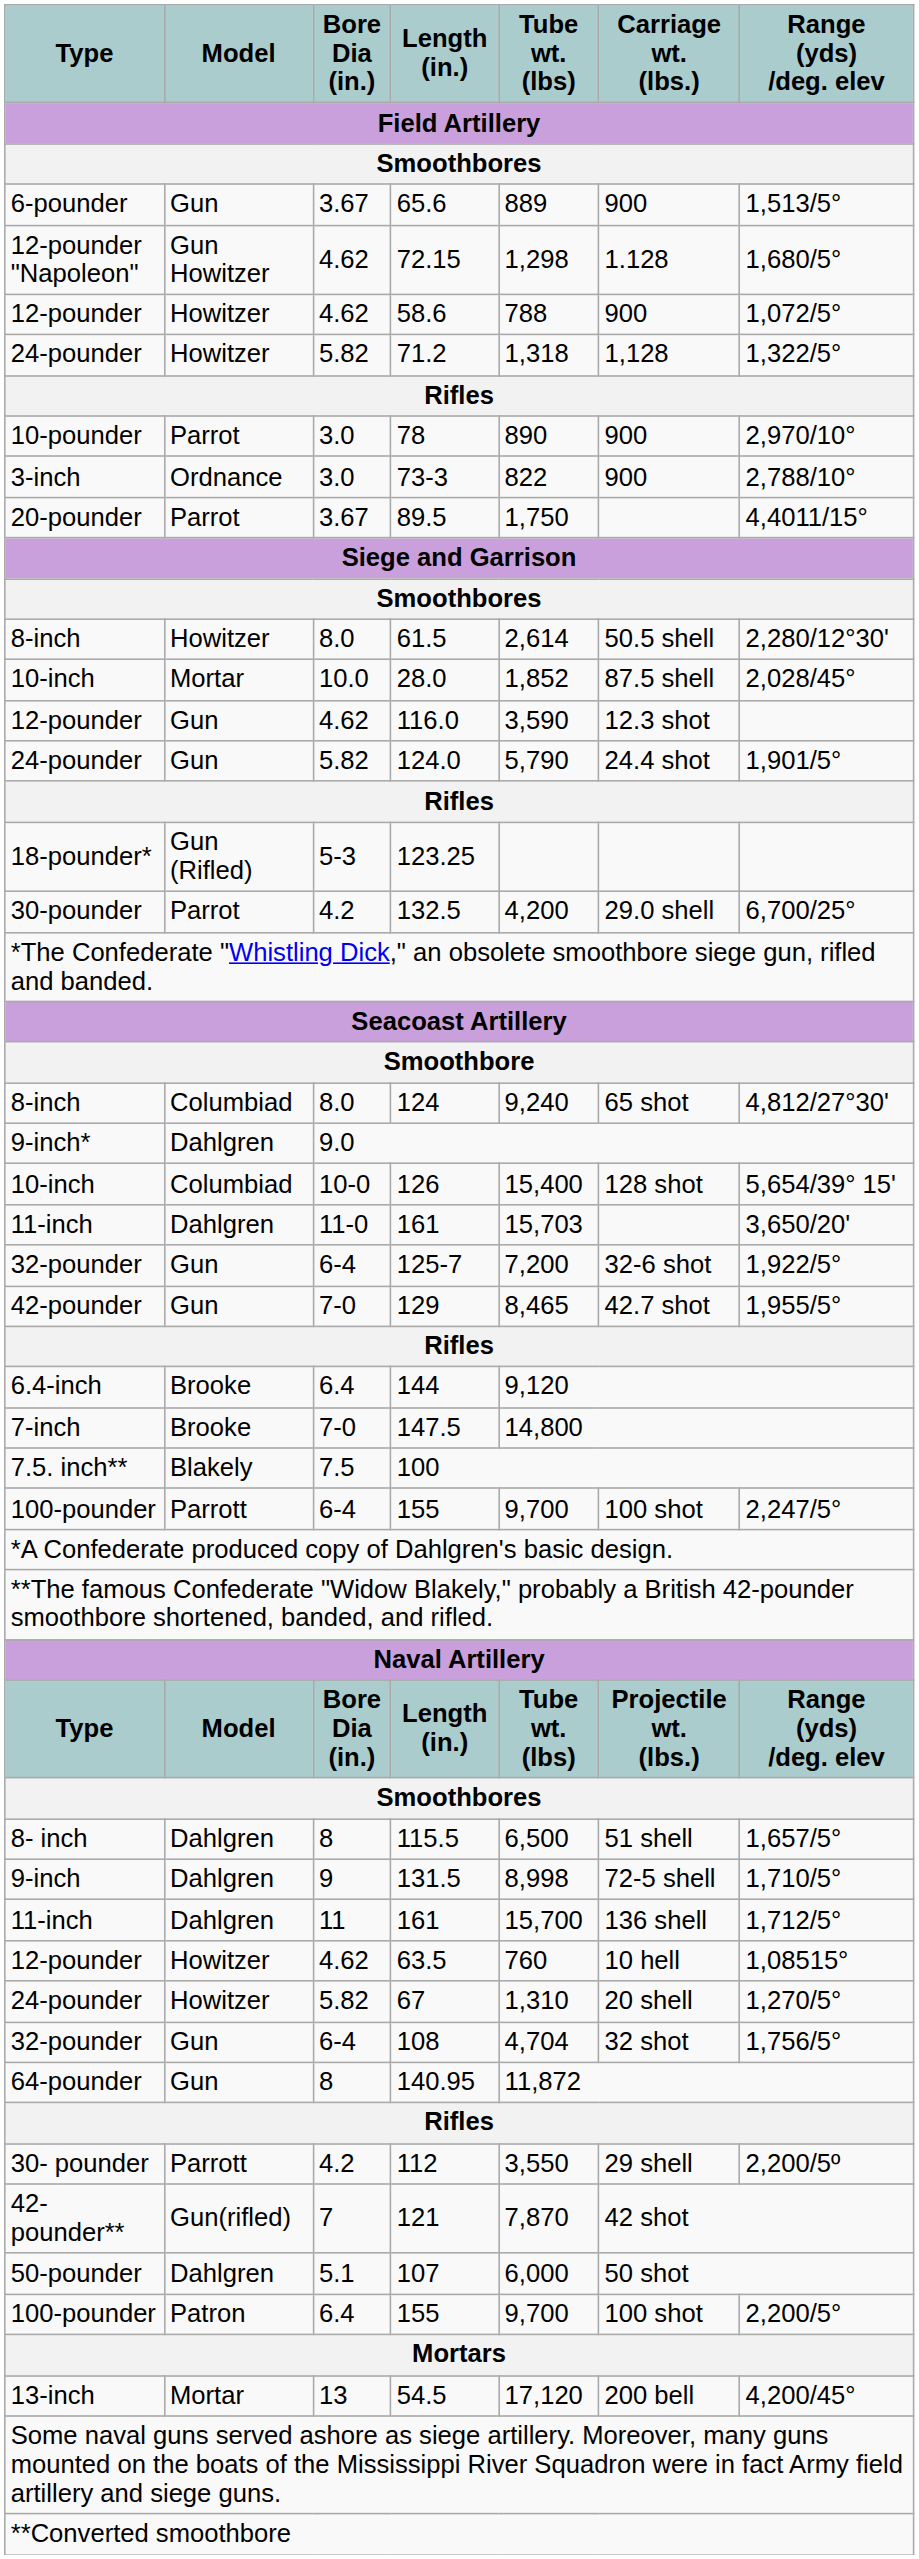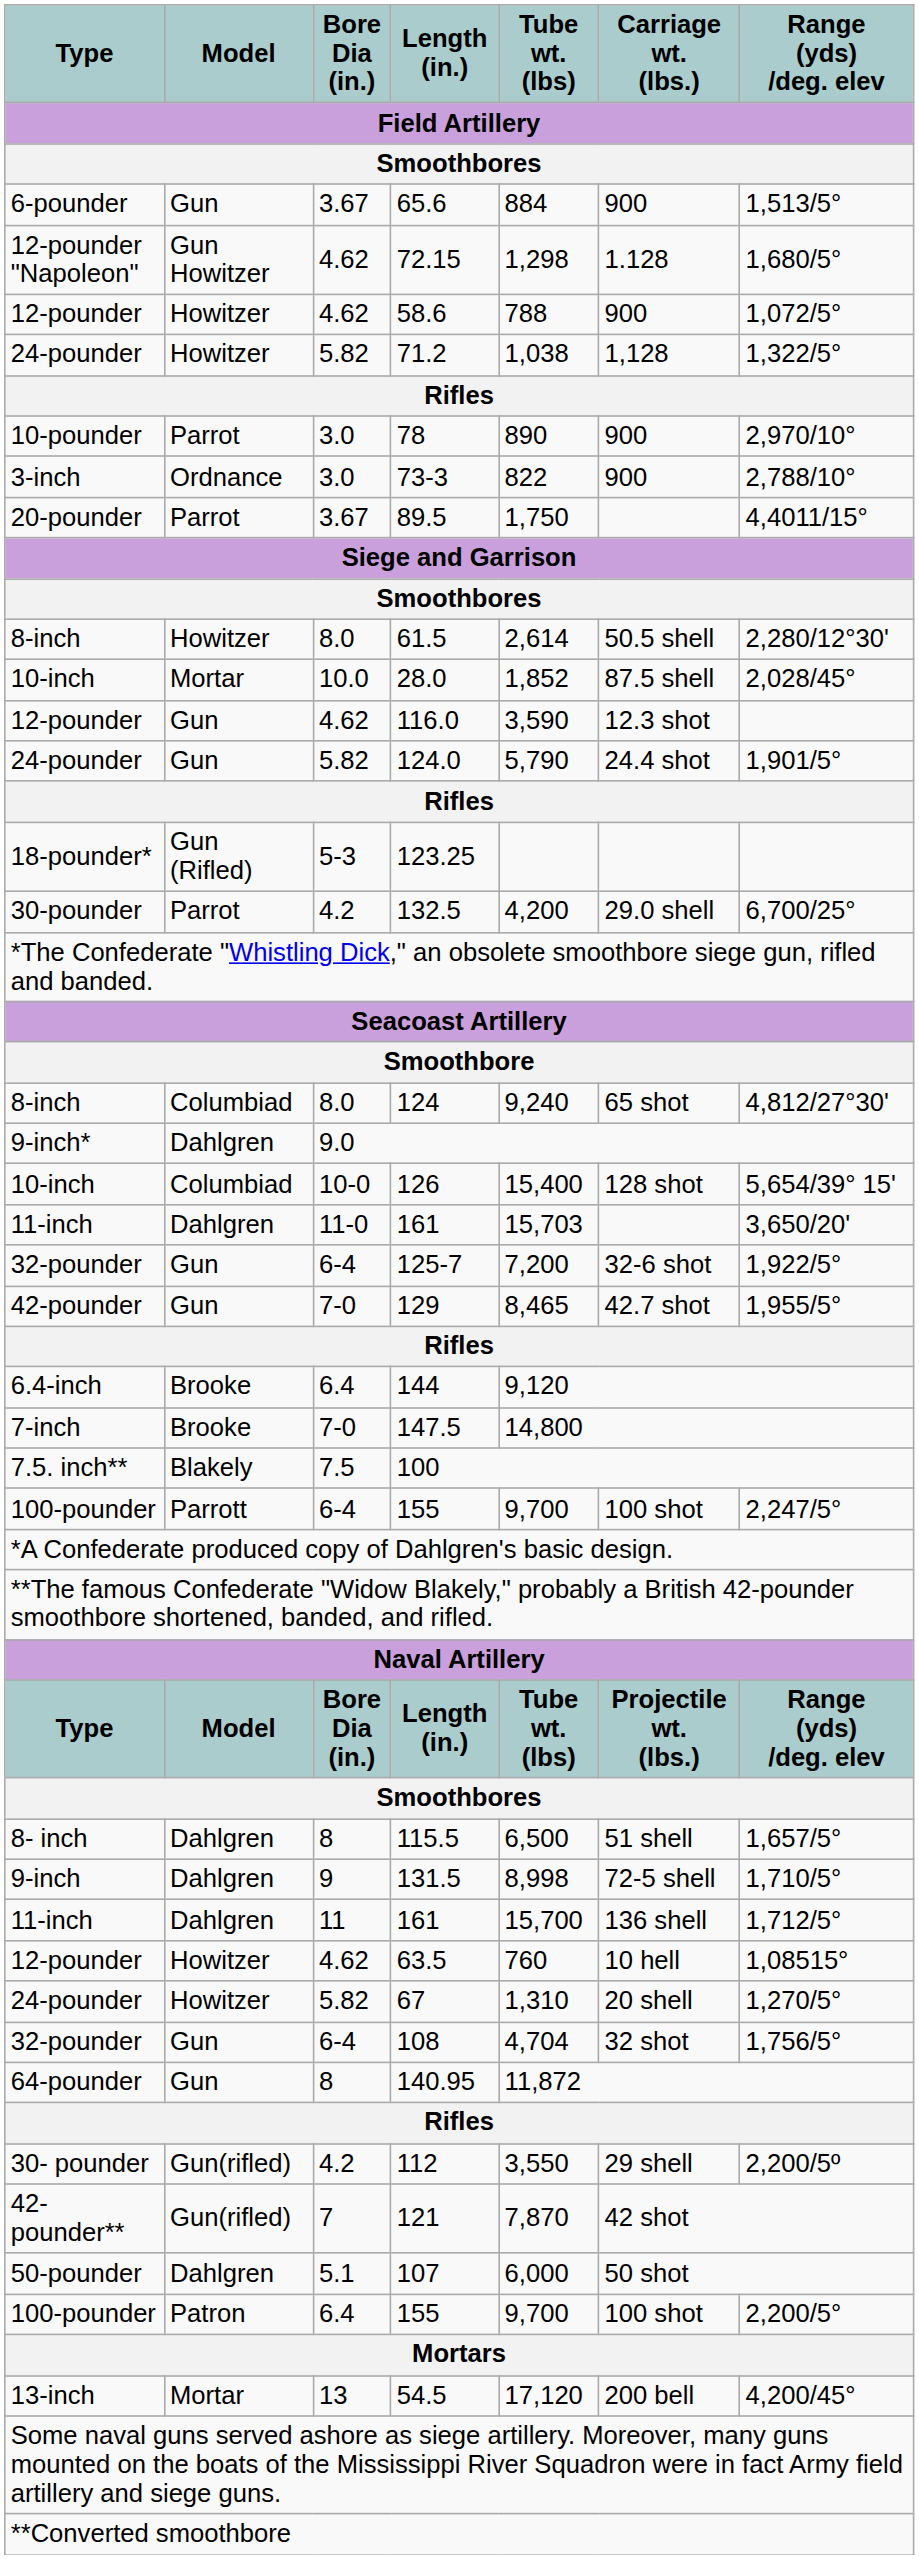 <table class="wikitable" align="center" width="45%">
 <tr>
 <th style="text-align:center; background:#acc;">Type</th>
 <th style="text-align:l center; background:#acc;">Model</th>
 <th style="text-align:l center; background:#acc;">Bore<br>Dia<br>(in.)</th>
 <th style="text-align:center; background:#acc;">Length<br>(in.)</th>
 <th style="text-align:center; background:#acc;">Tube<br>wt.<br>(lbs)</th>
 <th style="text-align:center; background:#acc;">Carriage<br>wt.<br>(lbs.)</th>
 <th style="text-align:center; background:#acc;">Range<br>(yds)<br>/deg. elev</th>
 </tr>
 <tr>
 <th colspan="7" style="align: center; background: #C9A0DC">Field Artillery</th>
 </tr>
 <tr>
 <th colspan=7 style="align: center; background: light blue;">Smoothbores</th>
 </tr>
 <tr>
 <td>6-pounder</td>
 <td>Gun</td>
 <td>3.67</td>
 <td>65.6</td>
-<td>889</td>
+<td>884</td>
 <td>900</td>
 <td>1,513/5°</td>
 </tr>
 <tr>
 <td>12-pounder<br>"Napoleon"</td>
 <td>Gun<br>Howitzer</td>
 <td>4.62</td>
 <td>72.15</td>
 <td>1,298</td>
 <td>1.128</td>
 <td>1,680/5°</td>
 </tr>
 <tr>
 <td>12-pounder</td>
 <td>Howitzer</td>
 <td>4.62</td>
 <td>58.6</td>
 <td>788</td>
 <td>900</td>
 <td>1,072/5°</td>
 </tr>
 <tr>
 <td>24-pounder</td>
 <td>Howitzer</td>
 <td>5.82</td>
 <td>71.2</td>
-<td>1,318</td>
+<td>1,038</td>
 <td>1,128</td>
 <td>1,322/5°</td>
 </tr>
 <tr>
 <th colspan=7 style="align: center; background: light blue;">Rifles</th>
 </tr>
 <tr>
 <td>10-pounder</td>
 <td>Parrot</td>
 <td>3.0</td>
 <td>78</td>
 <td>890</td>
 <td>900</td>
 <td>2,970/10°</td>
 </tr>
 <tr>
 <td>3-inch</td>
 <td>Ordnance</td>
 <td>3.0</td>
 <td>73-3</td>
 <td>822</td>
 <td>900</td>
 <td>2,788/10°</td>
 </tr>
 <tr>
 <td>20-pounder</td>
 <td>Parrot</td>
 <td>3.67</td>
 <td>89.5</td>
 <td>1,750</td>
 <td></td>
 <td>4,4011/15°</td>
 </tr>
 <tr>
 <th colspan="7" style="align: center; background: #C9A0DC">Siege and Garrison</th>
 </tr>
 <tr>
 <th colspan=7 style="align: center; background: light blue;">Smoothbores</th>
 </tr>
 <tr>
 <td>8-inch</td>
 <td>Howitzer</td>
 <td>8.0</td>
 <td>61.5</td>
 <td>2,614</td>
 <td>50.5 shell</td>
 <td>2,280/12°30'</td>
 </tr>
 <tr>
 <td>10-inch</td>
 <td>Mortar</td>
 <td>10.0</td>
 <td>28.0</td>
 <td>1,852</td>
 <td>87.5 shell</td>
 <td>2,028/45°</td>
 </tr>
 <tr>
 <td>12-pounder</td>
 <td>Gun</td>
 <td>4.62</td>
 <td>116.0</td>
 <td>3,590</td>
 <td>12.3 shot</td>
 <td></td>
 </tr>
 <tr>
 <td>24-pounder</td>
 <td>Gun</td>
 <td>5.82</td>
 <td>124.0</td>
 <td>5,790</td>
 <td>24.4 shot</td>
 <td>1,901/5°</td>
 </tr>
 <tr>
 <th colspan=7 style="align: center; background: light blue;">Rifles</th>
 </tr>
 <tr>
 <td>18-pounder*</td>
 <td>Gun<br>(Rifled)</td>
 <td>5-3</td>
 <td>123.25</td>
 <td></td>
 <td></td>
 <td></td>
 </tr>
 <tr>
 <td>30-pounder</td>
 <td>Parrot</td>
 <td>4.2</td>
 <td>132.5</td>
 <td>4,200</td>
 <td>29.0 shell</td>
 <td>6,700/25°</td>
 </tr>
 <tr>
 <td colspan=7>*The Confederate "<a href='#'>Whistling Dick</a>," an obsolete smoothbore siege gun, rifled and banded.</td>
 </tr>
 <tr>
 <th colspan="7" style="align: center; background: #C9A0DC">Seacoast Artillery</th>
 </tr>
 <tr>
 <th colspan=7 style="align: center; background: light blue;">Smoothbore</th>
 </tr>
 <tr>
 <td>8-inch</td>
 <td>Columbiad</td>
 <td>8.0</td>
 <td>124</td>
 <td>9,240</td>
 <td>65 shot</td>
 <td>4,812/27°30'</td>
 </tr>
 <tr>
 <td>9-inch*</td>
 <td>Dahlgren</td>
 <td colspan=5>9.0</td>
 </tr>
 <tr>
 <td>10-inch</td>
 <td>Columbiad</td>
 <td>10-0</td>
 <td>126</td>
 <td>15,400</td>
 <td>128 shot</td>
 <td>5,654/39° 15'</td>
 </tr>
 <tr>
 <td>11-inch</td>
 <td>Dahlgren</td>
 <td>11-0</td>
 <td>161</td>
 <td>15,703</td>
 <td></td>
 <td>3,650/20'</td>
 </tr>
 <tr>
 <td>32-pounder</td>
 <td>Gun</td>
 <td>6-4</td>
 <td>125-7</td>
 <td>7,200</td>
 <td>32-6 shot</td>
 <td>1,922/5°</td>
 </tr>
 <tr>
 <td>42-pounder</td>
 <td>Gun</td>
 <td>7-0</td>
 <td>129</td>
 <td>8,465</td>
 <td>42.7 shot</td>
 <td>1,955/5°</td>
 </tr>
 <tr>
 <th colspan=7 style="align: center; background: light blue;">Rifles</th>
 </tr>
 <tr>
 <td>6.4-inch</td>
 <td>Brooke</td>
 <td>6.4</td>
 <td>144</td>
 <td colspan=3>9,120</td>
 </tr>
 <tr>
 <td>7-inch</td>
 <td>Brooke</td>
 <td>7-0</td>
 <td>147.5</td>
 <td colspan=3>14,800</td>
 </tr>
 <tr>
 <td>7.5. inch**</td>
 <td>Blakely</td>
 <td>7.5</td>
 <td colspan=4>100</td>
 </tr>
 <tr>
 <td>100-pounder</td>
 <td>Parrott</td>
 <td>6-4</td>
 <td>155</td>
 <td>9,700</td>
 <td>100 shot</td>
 <td>2,247/5°</td>
 </tr>
 <tr>
 <td colspan=7>*A Confederate produced copy of Dahlgren's basic design.</td>
 </tr>
 <tr>
 <td colspan=7>**The famous Confederate "Widow Blakely," probably a British 42-pounder smoothbore shortened, banded, and rifled.</td>
 </tr>
 <tr>
 <th colspan="7" style="align: center; background: #C9A0DC">Naval Artillery</th>
 </tr>
 <tr>
 <th style="text-align:center; background:#acc;">Type</th>
 <th style="text-align:l center; background:#acc;">Model</th>
 <th style="text-align:l center; background:#acc;">Bore<br>Dia<br>(in.)</th>
 <th style="text-align:center; background:#acc;">Length<br>(in.)</th>
 <th style="text-align:center; background:#acc;">Tube<br>wt.<br>(lbs)</th>
 <th style="text-align:center; background:#acc;">Projectile<br>wt.<br>(lbs.)</th>
 <th style="text-align:center; background:#acc;">Range<br>(yds)<br>/deg. elev</th>
 </tr>
 <tr>
 <th colspan=7 style="align: center; background: light blue;">Smoothbores</th>
 </tr>
 <tr>
 <td>8- inch</td>
 <td>Dahlgren</td>
 <td>8</td>
 <td>115.5</td>
 <td>6,500</td>
 <td>51 shell</td>
 <td>1,657/5°</td>
 </tr>
 <tr>
 <td>9-inch</td>
 <td>Dahlgren</td>
 <td>9</td>
 <td>131.5</td>
 <td>8,998</td>
 <td>72-5 shell</td>
 <td>1,710/5°</td>
 </tr>
 <tr>
 <td>11-inch</td>
 <td>Dahlgren</td>
 <td>11</td>
 <td>161</td>
 <td>15,700</td>
 <td>136 shell</td>
 <td>1,712/5°</td>
 </tr>
 <tr>
 <td>12-pounder</td>
 <td>Howitzer</td>
 <td>4.62</td>
 <td>63.5</td>
 <td>760</td>
 <td>10 hell</td>
 <td>1,08515°</td>
 </tr>
 <tr>
 <td>24-pounder</td>
 <td>Howitzer</td>
 <td>5.82</td>
 <td>67</td>
 <td>1,310</td>
 <td>20 shell</td>
 <td>1,270/5°</td>
 </tr>
 <tr>
 <td>32-pounder</td>
 <td>Gun</td>
 <td>6-4</td>
 <td>108</td>
 <td>4,704</td>
 <td>32 shot</td>
 <td>1,756/5°</td>
 </tr>
 <tr>
 <td>64-pounder</td>
 <td>Gun</td>
 <td>8</td>
 <td>140.95</td>
 <td colspan=3>11,872</td>
 </tr>
 <tr>
 <th colspan=7 style="align: center; background: light blue;">Rifles</th>
 </tr>
 <tr>
 <td>30- pounder</td>
-<td>Parrott</td>
+<td>Gun(rifled)</td>
 <td>4.2</td>
 <td>112</td>
 <td>3,550</td>
 <td>29 shell</td>
 <td>2,200/5º</td>
 </tr>
 <tr>
 <td>42-pounder**</td>
 <td>Gun(rifled)</td>
 <td>7</td>
 <td>121</td>
 <td>7,870</td>
 <td colspan=2>42 shot</td>
 </tr>
 <tr>
 <td>50-pounder</td>
 <td>Dahlgren</td>
 <td>5.1</td>
 <td>107</td>
 <td>6,000</td>
 <td colspan=2>50 shot</td>
 </tr>
 <tr>
 <td>100-pounder</td>
 <td>Patron</td>
 <td>6.4</td>
 <td>155</td>
 <td>9,700</td>
 <td>100 shot</td>
 <td>2,200/5°</td>
 </tr>
 <tr>
 <th colspan=7 style="align: center; background: light blue;">Mortars</th>
 </tr>
 <tr>
 <td>13-inch</td>
 <td>Mortar</td>
 <td>13</td>
 <td>54.5</td>
 <td>17,120</td>
 <td>200 bell</td>
 <td>4,200/45°</td>
 </tr>
 <tr>
 <td colspan=7>Some naval guns served ashore as siege artillery. Moreover, many guns mounted on the boats of the Mississippi River Squadron were in fact Army field artillery and siege guns.</td>
 </tr>
 <tr>
 <td colspan=7>**Converted smoothbore</td>
 </tr>
 </table>
